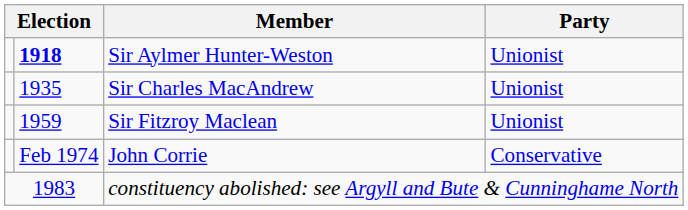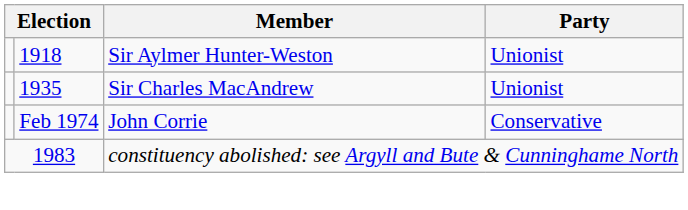 <table class="wikitable">
 <tr>
 <th colspan="2">Election</th>
 <th>Member</th>
 <th>Party</th>
 </tr>
 <tr>
 <td style="color:inherit;background-color: "></td>
-<td><strong><a href='#'>1918</a></strong></td>
+<td><a href='#'>1918</a></td>
 <td><a href='#'>Sir Aylmer Hunter-Weston</a></td>
 <td><a href='#'>Unionist</a></td>
 </tr>
 <tr>
 <td style="color:inherit;background-color: "></td>
 <td><a href='#'>1935</a></td>
 <td><a href='#'>Sir Charles MacAndrew</a></td>
-<td><a href='#'>Unionist</a></td>
-</tr>
-<tr>
-<td style="color:inherit;background-color: "></td>
-<td><a href='#'>1959</a></td>
-<td><a href='#'>Sir Fitzroy Maclean</a></td>
 <td><a href='#'>Unionist</a></td>
 </tr>
 <tr>
 <td style="color:inherit;background-color: "></td>
 <td><a href='#'>Feb 1974</a></td>
 <td><a href='#'>John Corrie</a></td>
 <td><a href='#'>Conservative</a></td>
 </tr>
 <tr>
 <td colspan="2" align="center"><a href='#'>1983</a></td>
 <td colspan="2"><em>constituency abolished: see <a href='#'>Argyll and Bute</a> & <a href='#'>Cunninghame North</a></em></td>
 </tr>
 </table>
